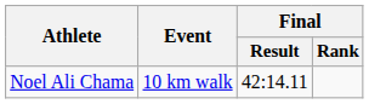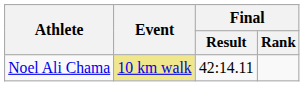 <table class="wikitable" style="font-size:90%">
 <tr>
 <th rowspan=2>Athlete</th>
 <th rowspan=2>Event</th>
 <th colspan=2>Final</th>
 </tr>
 <tr style="font-size:95%">
 <th>Result</th>
 <th>Rank</th>
 </tr>
 <tr align=center>
 <td align=left><a href='#'>Noel Ali Chama</a></td>
-<td align=left><a href='#'>10 km walk</a></td>
+<td align=left style="background: khaki;"><a href='#'>10 km walk</a></td>
 <td>42:14.11</td>
 <td></td>
 </tr>
 </table>
